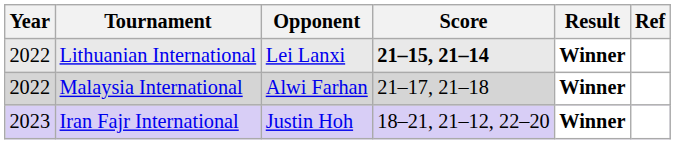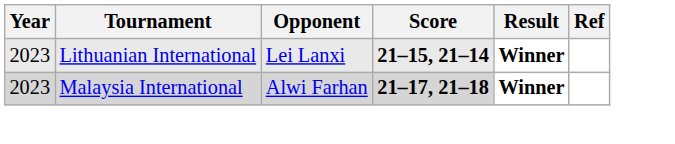 <table class="sortable wikitable" style="font-size: 90%;">
 <tr>
 <th>Year</th>
 <th>Tournament</th>
 <th>Opponent</th>
 <th>Score</th>
 <th>Result</th>
 <th>Ref</th>
 </tr>
 <tr style="background:#E9E9E9">
-<td align="center">2022</td>
+<td align="center">2023</td>
 <td align="left"><a href='#'>Lithuanian International</a></td>
 <td align="left"> <a href='#'>Lei Lanxi</a></td>
 <td align="left"><strong>21–15, 21–14</strong></td>
 <td style="text-align:left; background:white"> <strong>Winner</strong></td>
 <td style="text-align:center; background:white"></td>
 </tr>
 <tr style="background:#D5D5D5">
-<td align="center">2022</td>
+<td align="center">2023</td>
 <td align="left"><a href='#'>Malaysia International</a></td>
 <td align="left"> <a href='#'>Alwi Farhan</a></td>
-<td align="left">21–17, 21–18</td>
-<td style="text-align:left; background:white"> <strong>Winner</strong></td>
-<td style="text-align:center; background:white"></td>
-</tr>
-<tr style="background:#D8CEF6">
-<td align="center">2023</td>
-<td align="left"><a href='#'>Iran Fajr International</a></td>
-<td align="left"> <a href='#'>Justin Hoh</a></td>
-<td align="left">18–21, 21–12, 22–20</td>
+<td align="left"><strong>21–17, 21–18</strong></td>
 <td style="text-align:left; background:white"> <strong>Winner</strong></td>
 <td style="text-align:center; background:white"></td>
 </tr>
 </table>
